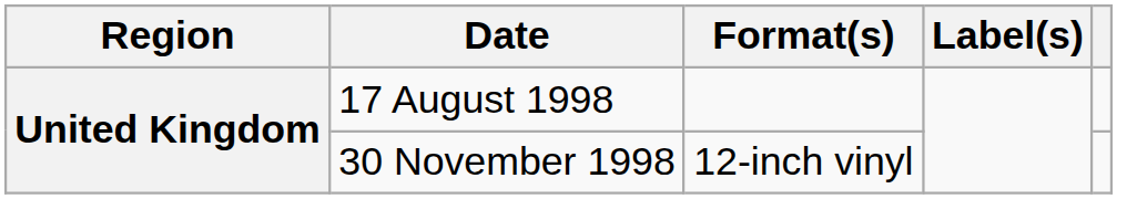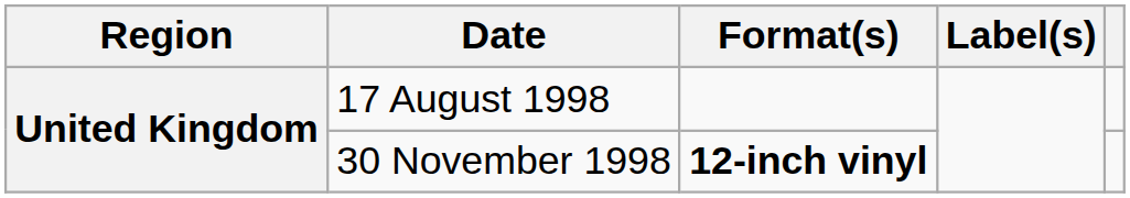 <table class="wikitable plainrowheaders">
 <tr>
 <th scope="col">Region</th>
 <th scope="col">Date</th>
 <th scope="col">Format(s)</th>
 <th scope="col">Label(s)</th>
 <th scope="col"></th>
 </tr>
 <tr>
 <th scope="row" rowspan="2">United Kingdom</th>
 <td>17 August 1998</td>
 <td></td>
 <td rowspan="2"></td>
 <td></td>
 </tr>
 <tr>
 <td>30 November 1998</td>
-<td>12-inch vinyl</td>
+<td><strong>12-inch vinyl</strong></td>
 <td></td>
 </tr>
 </table>
